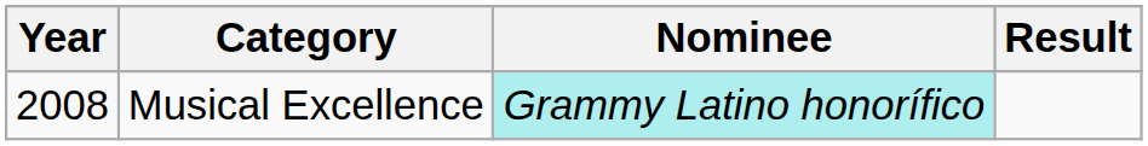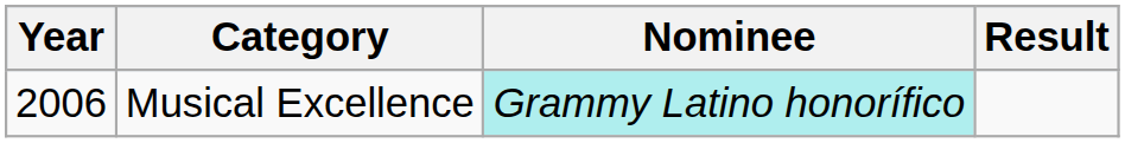 <table class="wikitable">
 <tr style="background:#b0c4de;">
 <th>Year</th>
 <th>Category</th>
 <th>Nominee</th>
 <th>Result</th>
 </tr>
 <tr>
-<td>2008</td>
+<td>2006</td>
 <td>Musical Excellence</td>
 <td style="background: paleturquoise;"><em>Grammy Latino honorífico</em></td>
 <td></td>
 </tr>
 </table>
